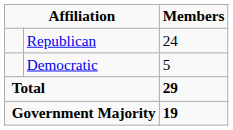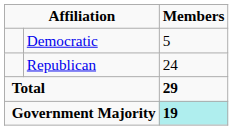 <table class="wikitable">
 <tr>
 <td colspan="2" rowspan="1" align="center" valign="top"><strong>Affiliation</strong></td>
 <td style="vertical-align:top;"><strong>Members</strong></td>
 </tr>
 <tr>
 <td style="background-color:"> </td>
-<td><a href='#'>Republican</a></td>
-<td>24</td>
+<td><a href='#'>Democratic</a></td>
+<td>5</td>
 </tr>
 <tr>
 <td style="background-color:"> </td>
-<td><a href='#'>Democratic</a></td>
-<td>5</td>
+<td><a href='#'>Republican</a></td>
+<td>24</td>
 </tr>
 <tr>
 <td colspan="2" rowspan="1"> <strong>Total</strong></td>
 <td><strong>29</strong></td>
 </tr>
 <tr>
 <td colspan="2" rowspan="1"> <strong>Government Majority</strong></td>
-<td><strong>19</strong></td>
+<td style="background: paleturquoise;"><strong>19</strong></td>
 </tr>
 </table>
